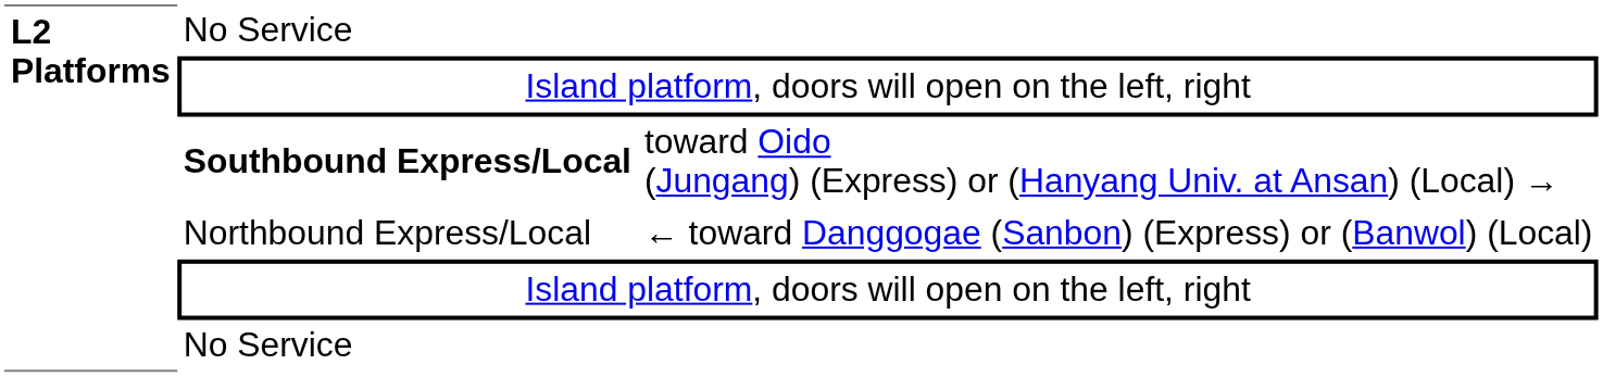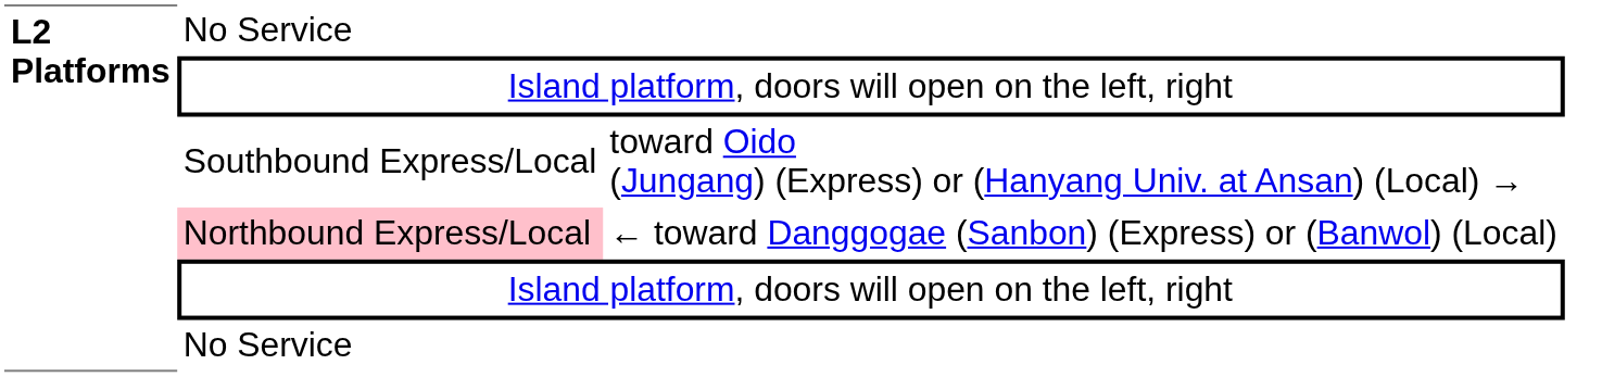 <table table border=0 cellspacing=0 cellpadding=3>
 <tr>
 <td style="border-top:solid 1px gray;border-bottom:solid 1px gray;" width=50 rowspan=10 valign=top><strong>L2<br>Platforms</strong></td>
 <td>No Service</td>
 </tr>
 <tr>
 <td style="border-top:solid 2px black;border-right:solid 2px black;border-left:solid 2px black;border-bottom:solid 2px black;text-align:center;" colspan=2><a href='#'>Island platform</a>, doors will open on the left, right</td>
 </tr>
 <tr>
-<td><strong>Southbound Express/Local</strong></td>
+<td>Southbound Express/Local</td>
 <td>  toward <a href='#'>Oido</a><br>(<a href='#'>Jungang</a>) (Express) or (<a href='#'>Hanyang Univ. at Ansan</a>) (Local) →</td>
 </tr>
 <tr>
-<td>Northbound Express/Local</td>
+<td style="background: pink;">Northbound Express/Local</td>
 <td>←  toward <a href='#'>Danggogae</a> (<a href='#'>Sanbon</a>) (Express) or (<a href='#'>Banwol</a>) (Local)</td>
 </tr>
 <tr>
 <td style="border-top:solid 2px black;border-right:solid 2px black;border-left:solid 2px black;border-bottom:solid 2px black;text-align:center;" colspan=2><a href='#'>Island platform</a>, doors will open on the left, right</td>
 </tr>
 <tr>
 <td>No Service</td>
 </tr>
 </table>
